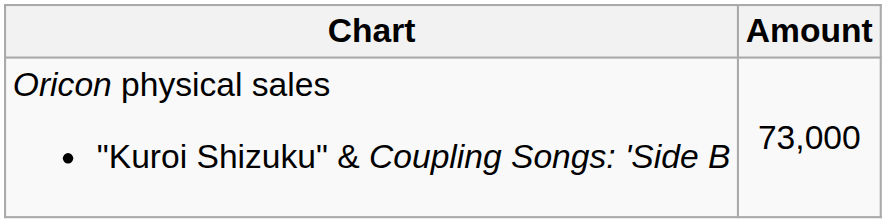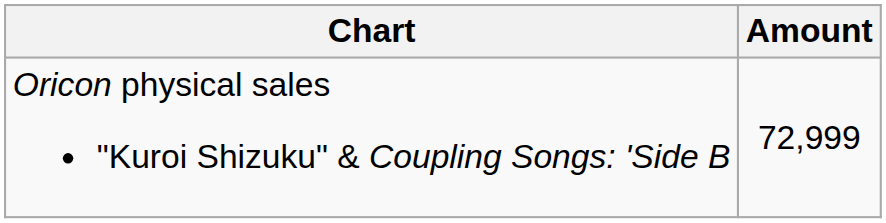 <table class="wikitable">
 <tr>
 <th>Chart</th>
 <th>Amount</th>
 </tr>
 <tr>
 <td><em>Oricon</em> physical sales<br><ul><li>"Kuroi Shizuku" & <em>Coupling Songs: 'Side B<strong></li></ul></td>
-<td style="text-align:center;">73,000</td>
+<td style="text-align:center;">72,999</td>
 </tr>
 </table>
